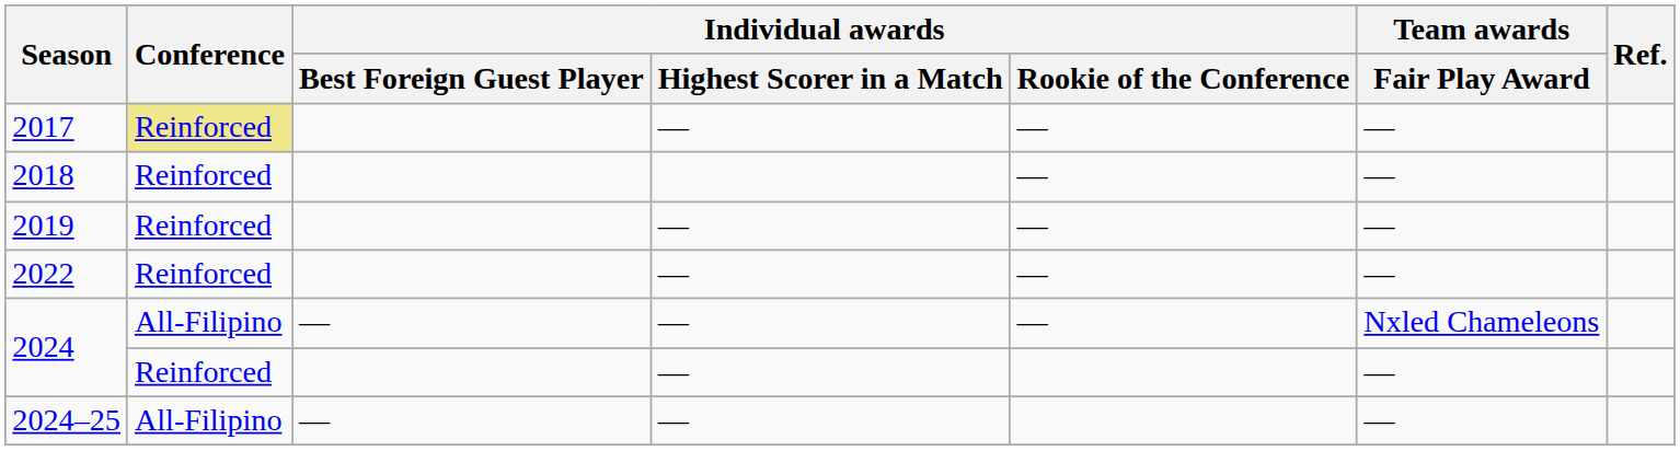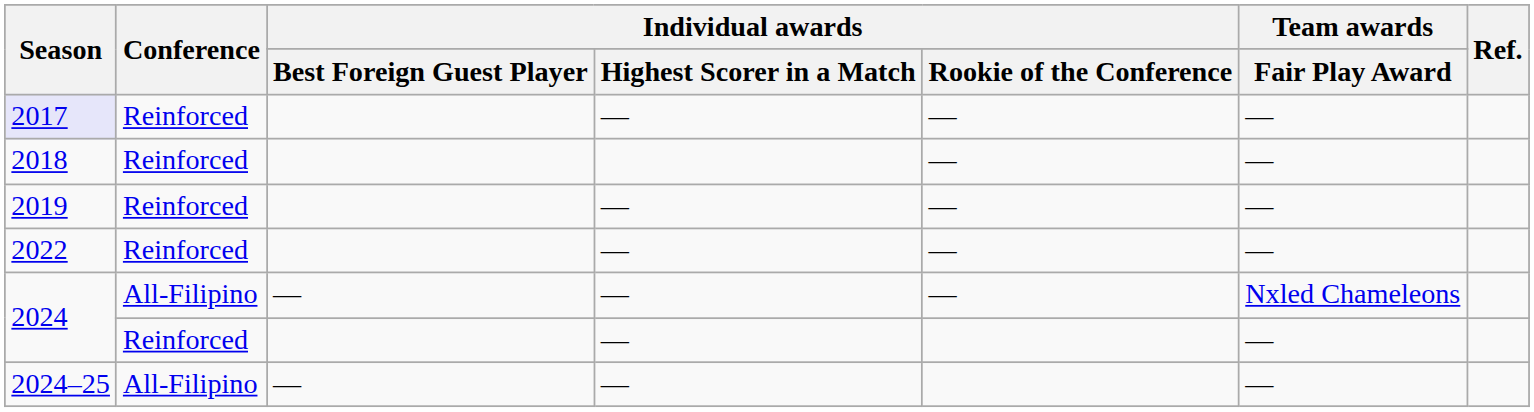 <table class="wikitable sortable">
 <tr>
 <th rowspan=2>Season</th>
 <th rowspan=2>Conference</th>
 <th colspan=3>Individual awards</th>
 <th>Team awards</th>
 <th rowspan=2 class="unsortable">Ref.</th>
 </tr>
 <tr>
 <th>Best Foreign Guest Player</th>
 <th>Highest Scorer in a Match</th>
 <th>Rookie of the Conference</th>
 <th>Fair Play Award</th>
 </tr>
 <tr>
-<td><a href='#'>2017</a></td>
-<td style="background: khaki;"><a href='#'>Reinforced</a></td>
+<td style="background: lavender;"><a href='#'>2017</a></td>
+<td><a href='#'>Reinforced</a></td>
 <td>  <br> </td>
 <td>—</td>
 <td>—</td>
 <td>—</td>
 <td></td>
 </tr>
 <tr>
 <td><a href='#'>2018</a></td>
 <td><a href='#'>Reinforced</a></td>
 <td>  <br> </td>
 <td>  <br> </td>
 <td>—</td>
 <td>—</td>
 <td></td>
 </tr>
 <tr>
 <td><a href='#'>2019</a></td>
 <td><a href='#'>Reinforced</a></td>
 <td>  <br> </td>
 <td>—</td>
 <td>—</td>
 <td>—</td>
 <td></td>
 </tr>
 <tr>
 <td><a href='#'>2022</a></td>
 <td><a href='#'>Reinforced</a></td>
 <td>  <br> </td>
 <td>—</td>
 <td>—</td>
 <td>—</td>
 <td></td>
 </tr>
 <tr>
 <td rowspan=2><a href='#'>2024</a></td>
 <td><a href='#'>All-Filipino</a></td>
 <td>—</td>
 <td>—</td>
 <td>—</td>
 <td> <a href='#'>Nxled Chameleons</a></td>
 <td></td>
 </tr>
 <tr>
 <td><a href='#'>Reinforced</a></td>
 <td>  <br> </td>
 <td>—</td>
 <td>  <br> </td>
 <td>—</td>
 <td></td>
 </tr>
 <tr>
 <td><a href='#'>2024–25</a></td>
 <td><a href='#'>All-Filipino</a></td>
 <td>—</td>
 <td>—</td>
 <td>  <br> </td>
 <td>—</td>
 <td></td>
 </tr>
 </table>
